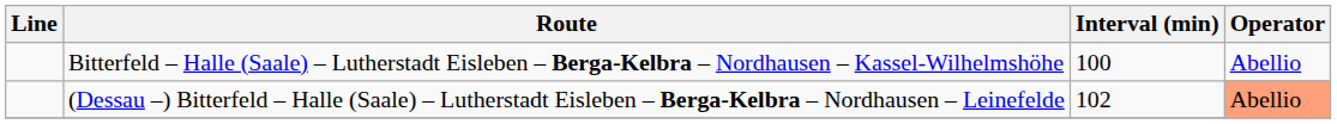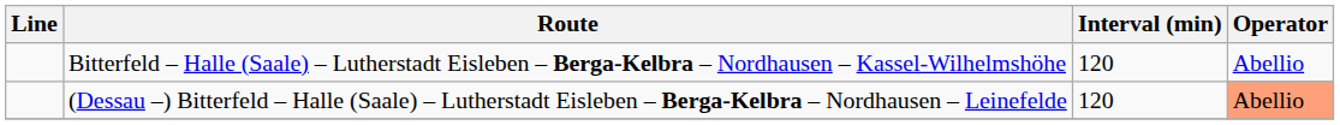 <table class="wikitable">
 <tr>
 <th>Line</th>
 <th>Route</th>
 <th>Interval (min)</th>
 <th>Operator</th>
 </tr>
 <tr>
 <td align="center"></td>
 <td>Bitterfeld – <a href='#'>Halle (Saale)</a> – Lutherstadt Eisleben – <strong>Berga-Kelbra</strong> – <a href='#'>Nordhausen</a> – <a href='#'>Kassel-Wilhelmshöhe</a></td>
-<td>100</td>
+<td>120</td>
 <td><a href='#'>Abellio</a></td>
 </tr>
 <tr>
 <td align="center"></td>
 <td>(<a href='#'>Dessau</a> –) Bitterfeld – Halle (Saale) – Lutherstadt Eisleben – <strong>Berga-Kelbra</strong> – Nordhausen – <a href='#'>Leinefelde</a></td>
-<td>102</td>
+<td>120</td>
 <td style="background: lightsalmon;">Abellio</td>
 </tr>
 <tr>
 </tr>
 </table>
